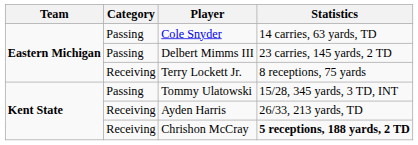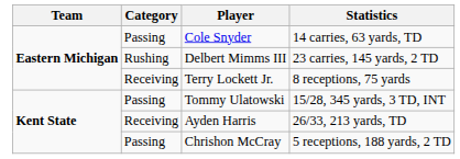 <table class="wikitable" style="float: right;">
 <tr>
 <th>Team</th>
 <th>Category</th>
 <th>Player</th>
 <th>Statistics</th>
 </tr>
 <tr>
 <td rowspan=3><strong>Eastern Michigan</strong></td>
 <td>Passing</td>
 <td><a href='#'>Cole Snyder</a></td>
 <td>14 carries, 63 yards, TD</td>
 </tr>
 <tr>
-<td>Passing</td>
+<td>Rushing</td>
 <td>Delbert Mimms III</td>
 <td>23 carries, 145 yards, 2 TD</td>
 </tr>
 <tr>
 <td>Receiving</td>
 <td>Terry Lockett Jr.</td>
 <td>8 receptions, 75 yards</td>
 </tr>
 <tr>
 <td rowspan=3><strong>Kent State</strong></td>
 <td>Passing</td>
 <td>Tommy Ulatowski</td>
 <td>15/28, 345 yards, 3 TD, INT</td>
 </tr>
 <tr>
 <td>Receiving</td>
 <td>Ayden Harris</td>
 <td>26/33, 213 yards, TD</td>
 </tr>
 <tr>
-<td>Receiving</td>
+<td>Passing</td>
 <td>Chrishon McCray</td>
-<td><strong>5 receptions, 188 yards, 2 TD</strong></td>
+<td>5 receptions, 188 yards, 2 TD</td>
 </tr>
 </table>
